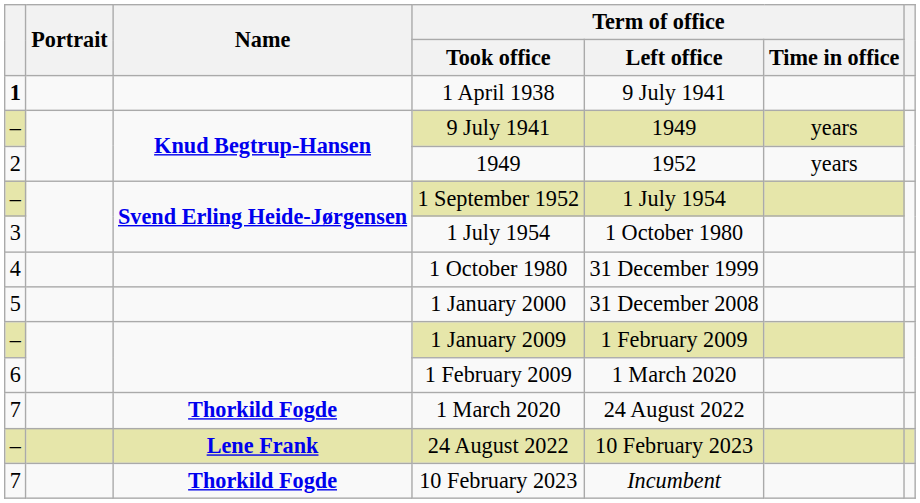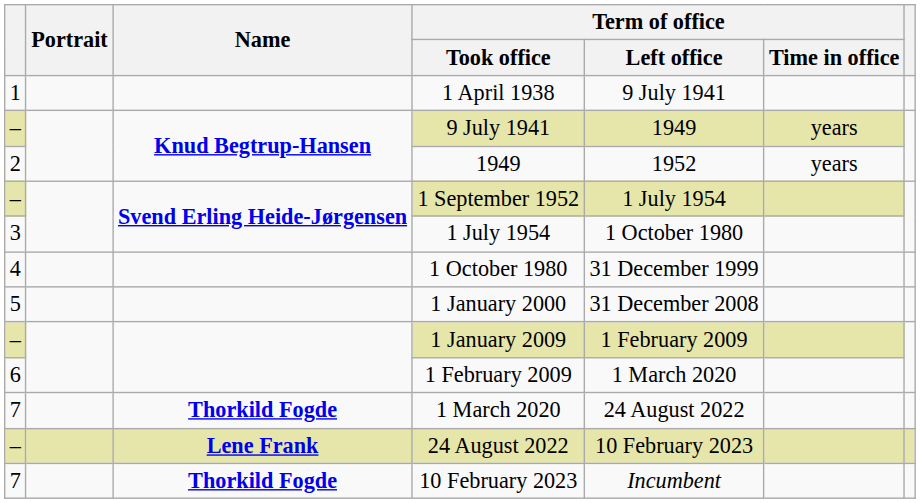 <table class="wikitable" style="text-align:center">
 <tr>
 <th rowspan=2></th>
 <th rowspan=2>Portrait</th>
 <th rowspan=2>Name<br></th>
 <th colspan=3>Term of office</th>
 <th rowspan=2></th>
 </tr>
 <tr>
 <th>Took office</th>
 <th>Left office</th>
 <th>Time in office</th>
 </tr>
 <tr>
-<td><strong>1</strong></td>
+<td>1</td>
 <td></td>
 <td><strong></strong><br></td>
 <td>1 April 1938</td>
 <td>9 July 1941</td>
 <td></td>
 <td></td>
 </tr>
 <tr>
 <td style="background:#e6e6aa;">–</td>
 <td rowspan=2></td>
 <td rowspan=2><strong><a href='#'>Knud Begtrup-Hansen</a></strong><br></td>
 <td style="background:#e6e6aa;">9 July 1941</td>
 <td style="background:#e6e6aa;">1949</td>
 <td style="background:#e6e6aa;"> years</td>
 <td rowspan=2></td>
 </tr>
 <tr>
 <td>2</td>
 <td>1949</td>
 <td>1952</td>
 <td> years</td>
 </tr>
 <tr>
 <td style="background:#e6e6aa;">–</td>
 <td rowspan=2></td>
 <td rowspan=2><strong><a href='#'>Svend Erling Heide-Jørgensen</a></strong><br></td>
 <td style="background:#e6e6aa;">1 September 1952</td>
 <td style="background:#e6e6aa;">1 July 1954</td>
 <td style="background:#e6e6aa;"></td>
 <td rowspan=2></td>
 </tr>
 <tr>
 <td>3</td>
 <td>1 July 1954</td>
 <td>1 October 1980</td>
 <td></td>
 </tr>
 <tr>
 <td>4</td>
 <td></td>
 <td><strong></strong><br></td>
 <td>1 October 1980</td>
 <td>31 December 1999</td>
 <td></td>
 <td></td>
 </tr>
 <tr>
 <td>5</td>
 <td></td>
 <td><strong></strong><br></td>
 <td>1 January 2000</td>
 <td>31 December 2008</td>
 <td></td>
 <td></td>
 </tr>
 <tr>
 <td style="background:#e6e6aa;">–</td>
 <td rowspan=2></td>
 <td rowspan=2><strong></strong><br></td>
 <td style="background:#e6e6aa;">1 January 2009</td>
 <td style="background:#e6e6aa;">1 February 2009</td>
 <td style="background:#e6e6aa;"></td>
 <td rowspan=2><br></td>
 </tr>
 <tr>
 <td>6</td>
 <td>1 February 2009</td>
 <td>1 March 2020</td>
 <td></td>
 </tr>
 <tr>
 <td>7</td>
 <td></td>
 <td><strong><a href='#'>Thorkild Fogde</a></strong><br></td>
 <td>1 March 2020</td>
 <td>24 August 2022</td>
 <td></td>
 <td></td>
 </tr>
 <tr style="background:#e6e6aa;">
 <td>–</td>
 <td></td>
 <td><strong><a href='#'>Lene Frank</a></strong><br></td>
 <td>24 August 2022</td>
 <td>10 February 2023</td>
 <td></td>
 <td></td>
 </tr>
 <tr>
 <td>7</td>
 <td></td>
 <td><strong><a href='#'>Thorkild Fogde</a></strong><br></td>
 <td>10 February 2023</td>
 <td><em>Incumbent</em></td>
 <td></td>
 <td></td>
 </tr>
 </table>
